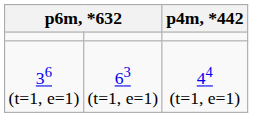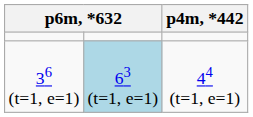 <table class="wikitable">
 <tr>
 <th colspan=2>p6m, *632</th>
 <th>p4m, *442</th>
 </tr>
 <tr align=center>
 <td></td>
 <td></td>
 <td></td>
 </tr>
 <tr align=center>
 <td><br><a href='#'>3<sup>6</sup></a><br>(t=1, e=1)</td>
-<td><br><a href='#'>6<sup>3</sup></a><br>(t=1, e=1)</td>
+<td style="background: lightblue;"><br><a href='#'>6<sup>3</sup></a><br>(t=1, e=1)</td>
 <td><br><a href='#'>4<sup>4</sup></a><br>(t=1, e=1)</td>
 </tr>
 </table>
